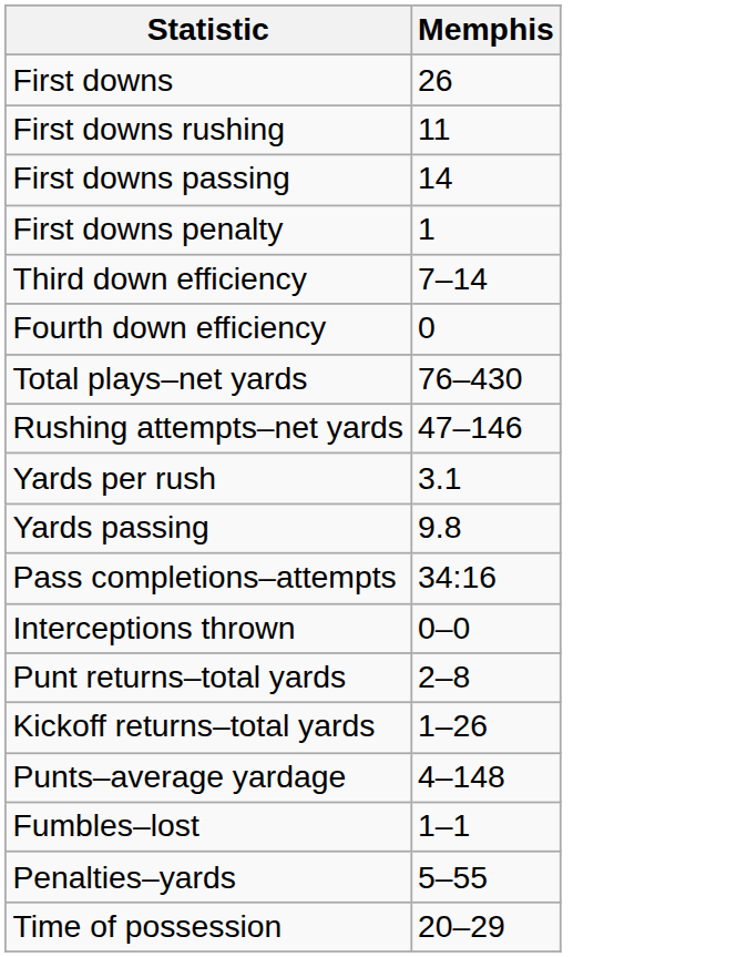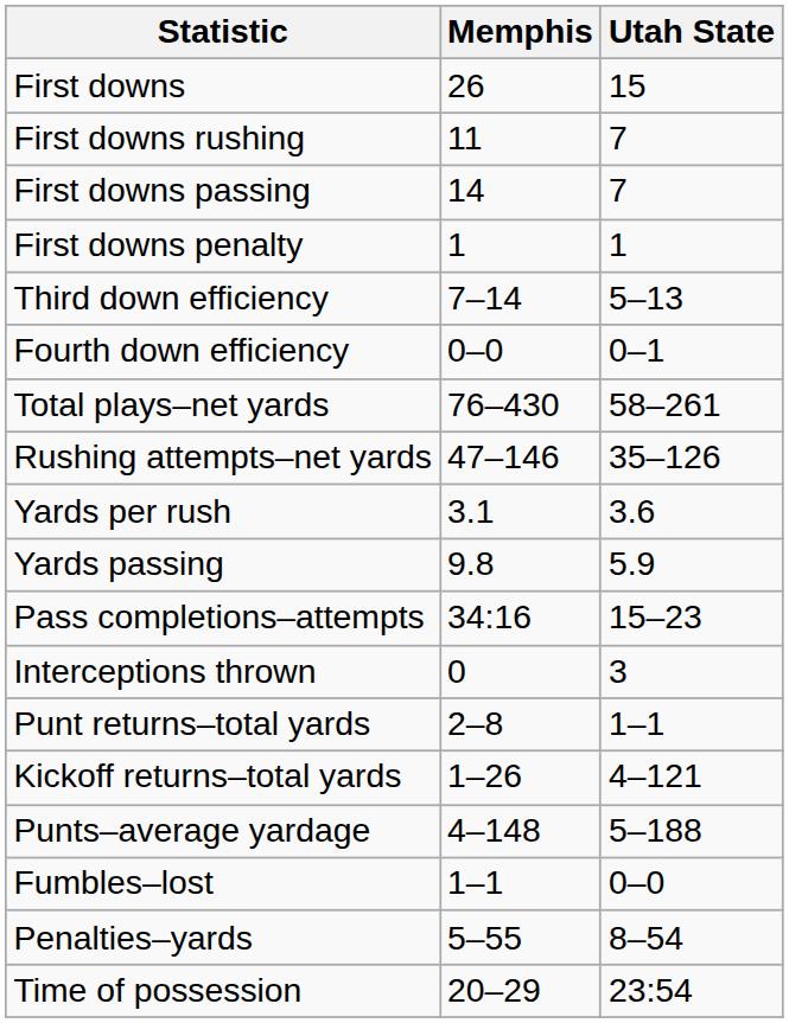 <table class="wikitable">
 <tr>
 <th>Statistic</th>
 <th><strong>Memphis</strong></th>
+<th><strong>Utah State</strong></th>
 </tr>
 <tr>
 <td>First downs</td>
 <td>26</td>
+<td>15</td>
 </tr>
 <tr>
 <td>First downs rushing</td>
 <td>11</td>
+<td>7</td>
 </tr>
 <tr>
 <td>First downs passing</td>
 <td>14</td>
+<td>7</td>
 </tr>
 <tr>
 <td>First downs penalty</td>
+<td>1</td>
 <td>1</td>
 </tr>
 <tr>
 <td>Third down efficiency</td>
 <td>7–14</td>
+<td>5–13</td>
 </tr>
 <tr>
 <td>Fourth down efficiency</td>
-<td>0</td>
+<td>0–0</td>
+<td>0–1</td>
 </tr>
 <tr>
 <td>Total plays–net yards</td>
 <td>76–430</td>
+<td>58–261</td>
 </tr>
 <tr>
 <td>Rushing attempts–net yards</td>
 <td>47–146</td>
+<td>35–126</td>
 </tr>
 <tr>
 <td>Yards per rush</td>
 <td>3.1</td>
+<td>3.6</td>
 </tr>
 <tr>
 <td>Yards passing</td>
 <td>9.8</td>
+<td>5.9</td>
 </tr>
 <tr>
 <td>Pass completions–attempts</td>
 <td>34:16</td>
+<td>15–23</td>
 </tr>
 <tr>
 <td>Interceptions thrown</td>
-<td>0–0</td>
+<td>0</td>
+<td>3</td>
 </tr>
 <tr>
 <td>Punt returns–total yards</td>
 <td>2–8</td>
+<td>1–1</td>
 </tr>
 <tr>
 <td>Kickoff returns–total yards</td>
 <td>1–26</td>
+<td>4–121</td>
 </tr>
 <tr>
 <td>Punts–average yardage</td>
 <td>4–148</td>
+<td>5–188</td>
 </tr>
 <tr>
 <td>Fumbles–lost</td>
 <td>1–1</td>
+<td>0–0</td>
 </tr>
 <tr>
 <td>Penalties–yards</td>
 <td>5–55</td>
+<td>8–54</td>
 </tr>
 <tr>
 <td>Time of possession</td>
 <td>20–29</td>
+<td>23:54</td>
 </tr>
 </table>
